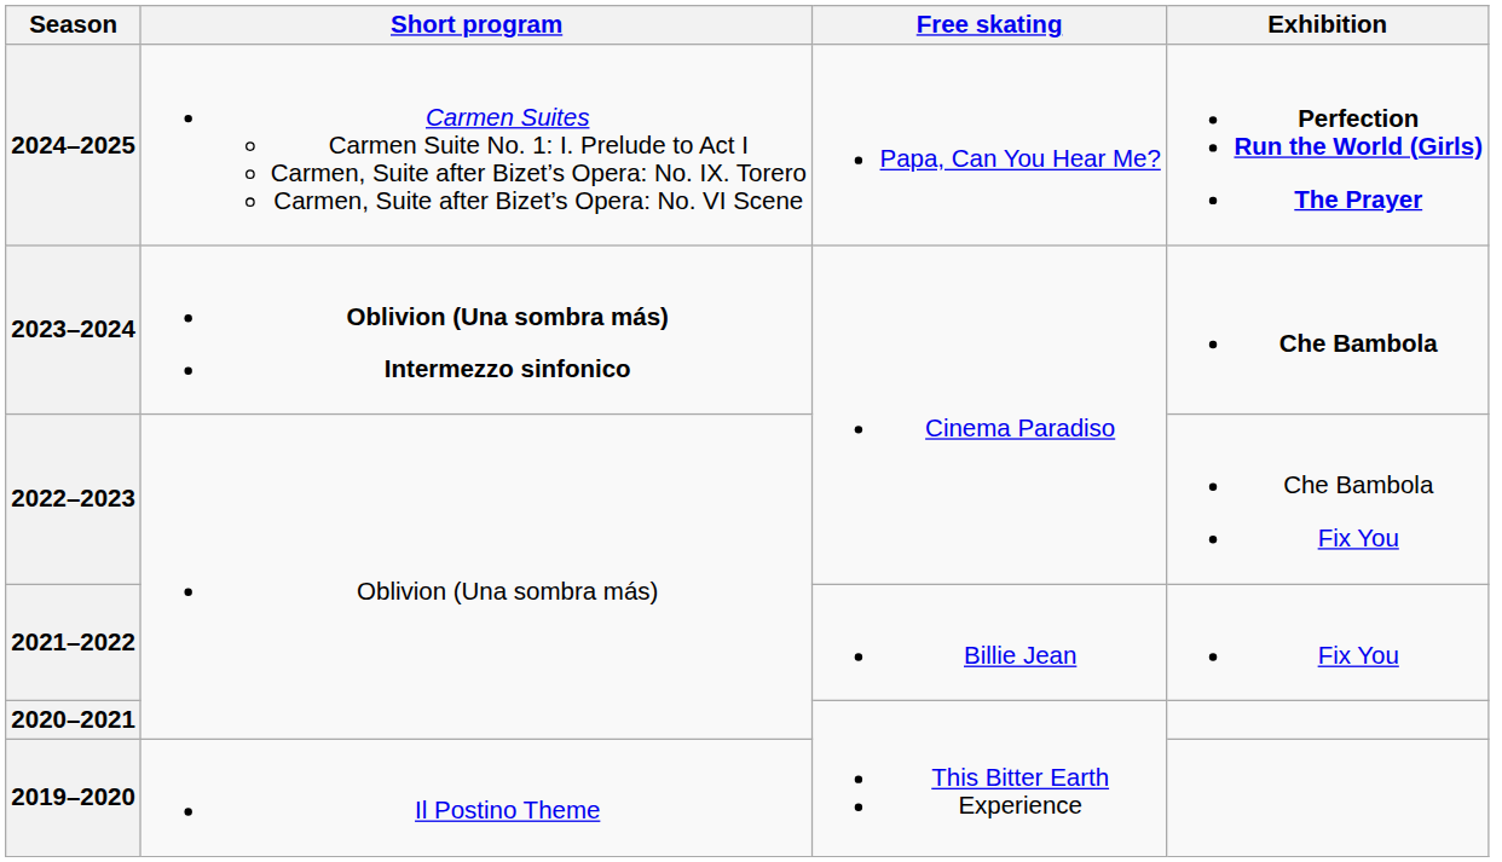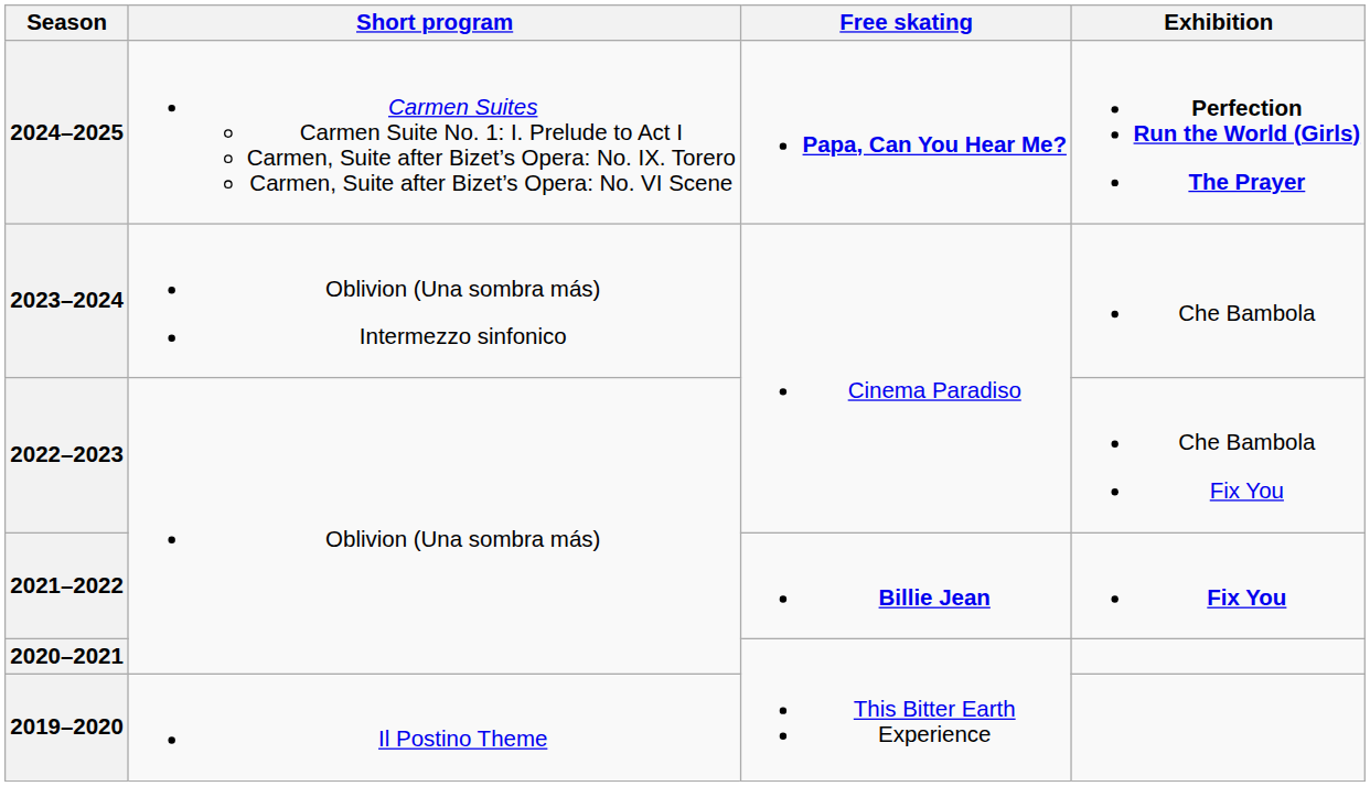 <table class=wikitable style=text-align:center>
 <tr>
 <th>Season</th>
 <th><a href='#'>Short program</a></th>
 <th><a href='#'>Free skating</a></th>
 <th>Exhibition</th>
 </tr>
 <tr>
 <th>2024–2025 <br> </th>
 <td><br><ul><li><em><a href='#'>Carmen Suites</a></em> <br> <ul><li>Carmen Suite No. 1: I. Prelude to Act I <br> </li><li>Carmen, Suite after Bizet’s Opera: No. IX. Torero</li><li>Carmen, Suite after Bizet’s Opera:  No. VI Scene <br> </li></ul></li></ul></td>
-<td><br><ul><li><a href='#'>Papa, Can You Hear Me?</a> <br> </li></ul></td>
+<td><strong><br><ul><li><a href='#'>Papa, Can You Hear Me?</a> <br> </li></ul></strong></td>
 <td><strong><br><ul><li>Perfection <br> </li><li><a href='#'>Run the World (Girls)</a> <br> </li></ul><ul><li><a href='#'>The Prayer</a> <br> </li></ul></strong></td>
 </tr>
 <tr>
 <th>2023–2024 <br> </th>
-<td><strong><br><ul><li>Oblivion (Una sombra más)<br></li></ul><ul><li>Intermezzo sinfonico <br> </li></ul></strong></td>
+<td><br><ul><li>Oblivion (Una sombra más)<br></li></ul><ul><li>Intermezzo sinfonico <br> </li></ul></td>
 <td rowspan=2><br><ul><li><a href='#'>Cinema Paradiso</a> <br> </li></ul></td>
-<td><strong><br><ul><li>Che Bambola <br></li></ul></strong></td>
+<td><br><ul><li>Che Bambola <br></li></ul></td>
 </tr>
 <tr>
 <th>2022–2023 <br> </th>
 <td rowspan=3><br><ul><li>Oblivion (Una sombra más)<br></li></ul></td>
 <td><br><ul><li>Che Bambola <br></li></ul><ul><li><a href='#'>Fix You</a> <br></li></ul></td>
 </tr>
 <tr>
 <th>2021–2022 <br> </th>
-<td><br><ul><li><a href='#'>Billie Jean</a> <br> </li></ul></td>
-<td><br><ul><li><a href='#'>Fix You</a> <br></li></ul></td>
+<td><strong><br><ul><li><a href='#'>Billie Jean</a> <br> </li></ul></strong></td>
+<td><strong><br><ul><li><a href='#'>Fix You</a> <br></li></ul></strong></td>
 </tr>
 <tr>
 <th>2020–2021 <br> </th>
 <td rowspan=2><br><ul><li><a href='#'>This Bitter Earth</a><br></li><li>Experience<br></li></ul></td>
 <td></td>
 </tr>
 <tr>
 <th>2019–2020 <br> </th>
 <td><br><ul><li><a href='#'> Il Postino Theme</a> <br></li></ul></td>
 <td></td>
 </tr>
 </table>
